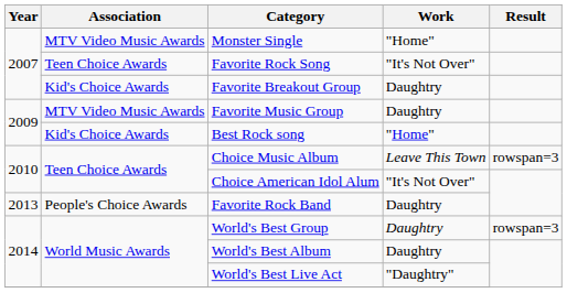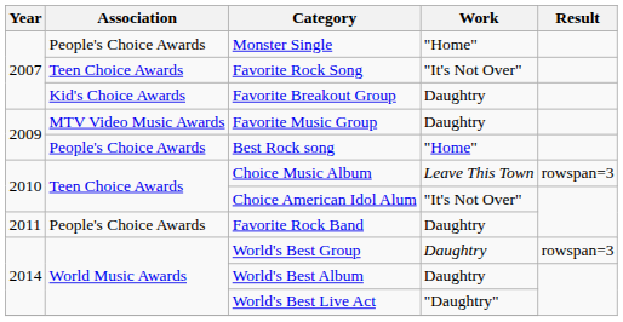 <table class="wikitable">
 <tr>
 <th>Year</th>
 <th>Association</th>
 <th>Category</th>
 <th>Work</th>
 <th>Result</th>
 </tr>
 <tr>
 <td rowspan=3>2007</td>
-<td><a href='#'>MTV Video Music Awards</a></td>
+<td>People's Choice Awards</td>
 <td><a href='#'>Monster Single</a></td>
 <td>"Home"</td>
 <td></td>
 </tr>
 <tr>
 <td><a href='#'>Teen Choice Awards</a></td>
 <td><a href='#'>Favorite Rock Song</a></td>
 <td>"It's Not Over"</td>
 <td></td>
 </tr>
 <tr>
 <td><a href='#'>Kid's Choice Awards</a></td>
 <td><a href='#'>Favorite Breakout Group</a></td>
 <td>Daughtry</td>
 <td></td>
 </tr>
 <tr>
 <td rowspan=2>2009</td>
 <td><a href='#'>MTV Video Music Awards</a></td>
 <td><a href='#'>Favorite Music Group</a></td>
 <td>Daughtry</td>
 <td></td>
 </tr>
 <tr>
-<td><a href='#'>Kid's Choice Awards</a></td>
+<td><a href='#'>People's Choice Awards</a></td>
 <td><a href='#'>Best Rock song</a></td>
 <td>"<a href='#'>Home</a>"</td>
 <td></td>
 </tr>
 <tr>
 <td rowspan=2>2010</td>
 <td rowspan=2><a href='#'>Teen Choice Awards</a></td>
 <td><a href='#'>Choice Music Album</a></td>
 <td><em>Leave This Town</em></td>
 <td>rowspan=3 </td>
 </tr>
 <tr>
 <td><a href='#'>Choice American Idol Alum</a></td>
 <td>"It's Not Over"</td>
 </tr>
 <tr>
-<td>2013</td>
+<td>2011</td>
 <td>People's Choice Awards</td>
 <td><a href='#'>Favorite Rock Band</a></td>
 <td>Daughtry</td>
 </tr>
 <tr>
 <td rowspan=3>2014</td>
 <td rowspan=3><a href='#'>World Music Awards</a></td>
 <td><a href='#'>World's Best Group</a></td>
 <td><em>Daughtry</em></td>
 <td>rowspan=3 </td>
 </tr>
 <tr>
 <td><a href='#'>World's Best Album</a></td>
 <td>Daughtry</td>
 </tr>
 <tr>
 <td><a href='#'>World's Best Live Act</a></td>
 <td>"Daughtry"</td>
 </tr>
 <tr>
 </tr>
 </table>
